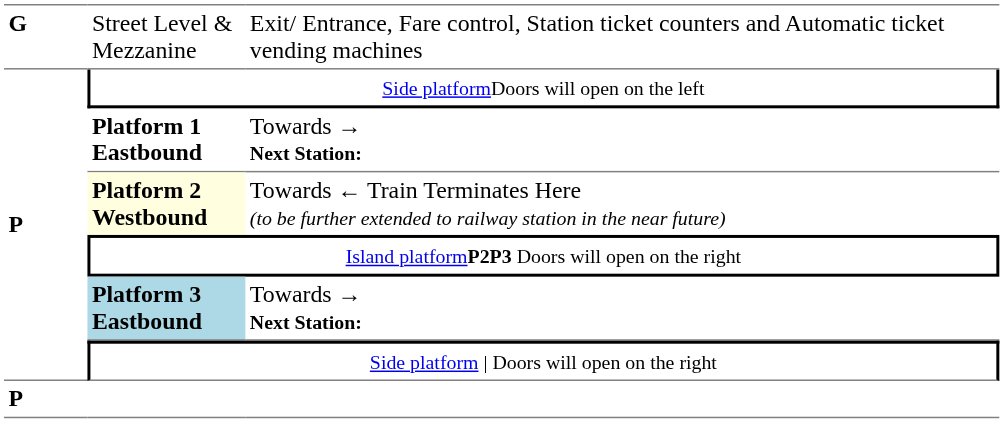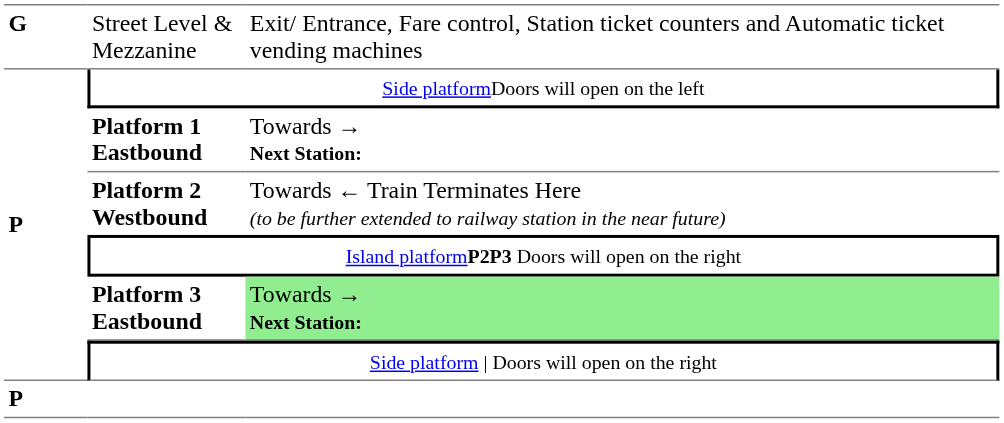 <table border="0" cellspacing="0" cellpadding="3">
 <tr>
 <td width="50" valign="top" style="border-top:solid 1px gray;border-bottom:solid 1px gray;"><strong>G</strong></td>
 <td width="100" valign="top" style="border-top:solid 1px gray;border-bottom:solid 1px gray;">Street Level & Mezzanine</td>
 <td width="390" valign="top" style="border-top:solid 1px gray;border-bottom:solid 1px gray;">Exit/ Entrance, Fare control, Station ticket counters and Automatic ticket vending machines</td>
 </tr>
 <tr>
 <td rowspan="6" style="border-bottom:solid 1px grey;text-align:left;"><strong>P</strong></td>
 <td colspan="2" style="border-right:solid 2px black;border-left:solid 2px black;border-bottom:solid 2px black;text-align:center;"><small><a href='#'>Side platform</a>Doors will open on the left</small></td>
 </tr>
 <tr>
 <td width="100" style="border-bottom:solid 1px grey;"><span><strong>Platform 1</strong><br><strong>Eastbound</strong></span></td>
 <td width="500" style="border-bottom:solid 1px grey;">Towards →  <br><small><strong>Next Station:</strong> </small></td>
 </tr>
 <tr>
-<td style="background: lightyellow;"><span><strong>Platform 2</strong><br><strong>Westbound</strong></span></td>
+<td><span><strong>Platform 2</strong><br><strong>Westbound</strong></span></td>
 <td width="500">Towards ← Train Terminates Here<br><small><em>(to be further extended to <strong></strong> railway station in the near future)</em></small></td>
 </tr>
 <tr>
 <td colspan="2" style="border-top:solid 2px black;border-right:solid 2px black;border-left:solid 2px black;border-bottom:solid 2px black;text-align:center;"><small><a href='#'>Island platform</a><strong>P2</strong><strong>P3</strong> Doors will open on the right</small></td>
 </tr>
 <tr>
-<td style="background: lightblue; border-bottom:solid 1px gray;" width="100"><span><strong>Platform 3</strong><br><strong>Eastbound</strong></span></td>
-<td style="border-bottom:solid 1px gray;" width="500">Towards → <br><small><strong>Next Station:</strong> </small></td>
+<td style="border-bottom:solid 1px gray;" width="100"><span><strong>Platform 3</strong><br><strong>Eastbound</strong></span></td>
+<td style="background: lightgreen; border-bottom:solid 1px gray;" width="500">Towards → <br><small><strong>Next Station:</strong> </small></td>
 </tr>
 <tr>
 <td style="border-top:solid 2px black;border-right:solid 2px black;border-left:solid 2px black;border-bottom:solid 1px gray;" colspan=2  align=center><small><a href='#'>Side platform</a> | Doors will open on the right</small></td>
 </tr>
 <tr>
 <td style="border-bottom:solid 1px gray;" width="50" valign="top"><strong>P</strong></td>
 <td style="border-bottom:solid 1px gray;" width="50" valign="top"></td>
 <td style="border-bottom:solid 1px gray;" width="50" valign="top"></td>
 </tr>
 <tr>
 </tr>
 </table>
